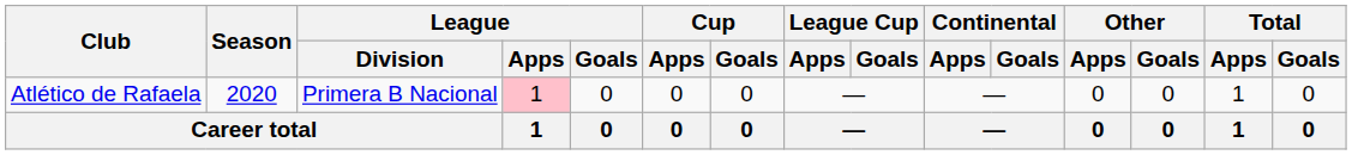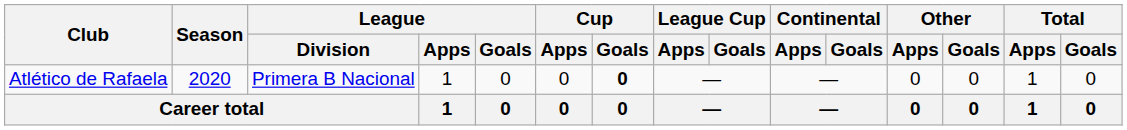 <table class="wikitable" style="text-align:center">
 <tr>
 <th rowspan="2">Club</th>
 <th rowspan="2">Season</th>
 <th colspan="3">League</th>
 <th colspan="2">Cup</th>
 <th colspan="2">League Cup</th>
 <th colspan="2">Continental</th>
 <th colspan="2">Other</th>
 <th colspan="2">Total</th>
 </tr>
 <tr>
 <th>Division</th>
 <th>Apps</th>
 <th>Goals</th>
 <th>Apps</th>
 <th>Goals</th>
 <th>Apps</th>
 <th>Goals</th>
 <th>Apps</th>
 <th>Goals</th>
 <th>Apps</th>
 <th>Goals</th>
 <th>Apps</th>
 <th>Goals</th>
 </tr>
 <tr>
 <td rowspan="1"><a href='#'>Atlético de Rafaela</a></td>
 <td><a href='#'>2020</a></td>
 <td rowspan="1"><a href='#'>Primera B Nacional</a></td>
-<td style="background: pink;">1</td>
+<td>1</td>
 <td>0</td>
 <td>0</td>
-<td>0</td>
+<td><strong>0</strong></td>
 <td colspan="2">—</td>
 <td colspan="2">—</td>
 <td>0</td>
 <td>0</td>
 <td>1</td>
 <td>0</td>
 </tr>
 <tr>
 <th colspan="3">Career total</th>
 <th>1</th>
 <th>0</th>
 <th>0</th>
 <th>0</th>
 <th colspan="2">—</th>
 <th colspan="2">—</th>
 <th>0</th>
 <th>0</th>
 <th>1</th>
 <th>0</th>
 </tr>
 </table>
